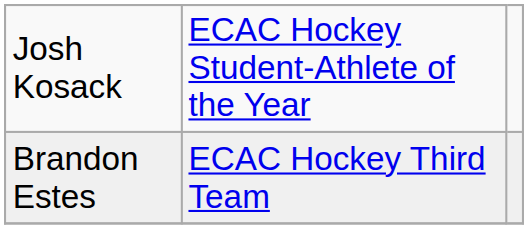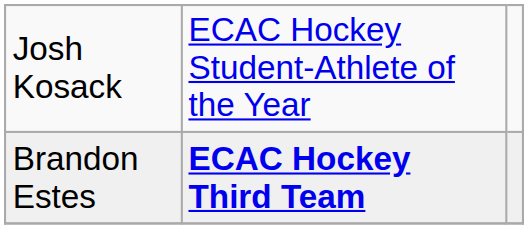 <table class="wikitable" width=40%>
 <tr>
 <td>Josh Kosack</td>
 <td><a href='#'>ECAC Hockey Student-Athlete of the Year</a></td>
 <td></td>
 </tr>
 <tr bgcolor=f0f0f0>
 <td>Brandon Estes</td>
-<td rowspan=1><a href='#'>ECAC Hockey Third Team</a></td>
+<td rowspan=1><strong><a href='#'>ECAC Hockey Third Team</a></strong></td>
 <td rowspan=1></td>
 </tr>
 <tr>
 </tr>
 </table>
